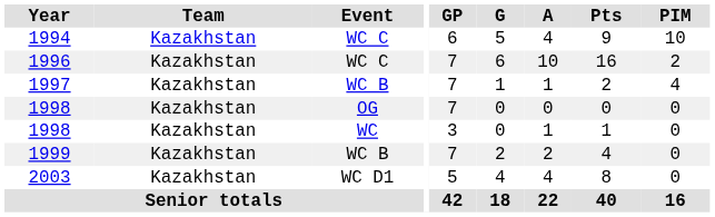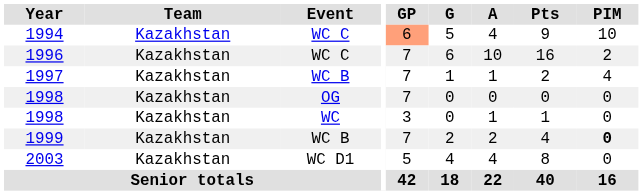 <table border="0" cellpadding="1" cellspacing="0" style="text-align:center; width:40em">
 <tr bgcolor="#e0e0e0">
 <th>Year</th>
 <th>Team</th>
 <th>Event</th>
 <th rowspan="99" bgcolor="#ffffff"></th>
 <th>GP</th>
 <th>G</th>
 <th>A</th>
 <th>Pts</th>
 <th>PIM</th>
 </tr>
 <tr>
 <td><a href='#'>1994</a></td>
 <td><a href='#'>Kazakhstan</a></td>
 <td><a href='#'>WC C</a></td>
-<td>6</td>
+<td style="background: lightsalmon;">6</td>
 <td>5</td>
 <td>4</td>
 <td>9</td>
 <td>10</td>
 </tr>
 <tr bgcolor="#f0f0f0">
 <td><a href='#'>1996</a></td>
 <td>Kazakhstan</td>
 <td>WC C</td>
 <td>7</td>
 <td>6</td>
 <td>10</td>
 <td>16</td>
 <td>2</td>
 </tr>
 <tr>
 <td><a href='#'>1997</a></td>
 <td>Kazakhstan</td>
 <td><a href='#'>WC B</a></td>
 <td>7</td>
 <td>1</td>
 <td>1</td>
 <td>2</td>
 <td>4</td>
 </tr>
 <tr bgcolor="#f0f0f0">
 <td><a href='#'>1998</a></td>
 <td>Kazakhstan</td>
 <td><a href='#'>OG</a></td>
 <td>7</td>
 <td>0</td>
 <td>0</td>
 <td>0</td>
 <td>0</td>
 </tr>
 <tr>
 <td><a href='#'>1998</a></td>
 <td>Kazakhstan</td>
 <td><a href='#'>WC</a></td>
 <td>3</td>
 <td>0</td>
 <td>1</td>
 <td>1</td>
 <td>0</td>
 </tr>
 <tr bgcolor="#f0f0f0">
 <td><a href='#'>1999</a></td>
 <td>Kazakhstan</td>
 <td>WC B</td>
 <td>7</td>
 <td>2</td>
 <td>2</td>
 <td>4</td>
-<td>0</td>
+<td><strong>0</strong></td>
 </tr>
 <tr>
 <td><a href='#'>2003</a></td>
 <td>Kazakhstan</td>
 <td>WC D1</td>
 <td>5</td>
 <td>4</td>
 <td>4</td>
 <td>8</td>
 <td>0</td>
 </tr>
 <tr bgcolor="#e0e0e0">
 <th colspan="3">Senior totals</th>
 <th>42</th>
 <th>18</th>
 <th>22</th>
 <th>40</th>
 <th>16</th>
 </tr>
 </table>
